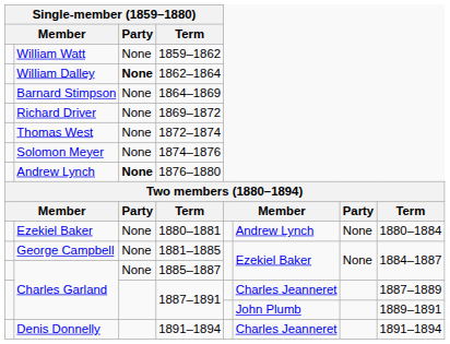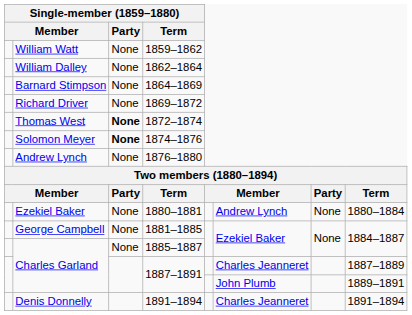 <table class="wikitable" style='border-style: none none none solid;'>
 <tr>
 <th colspan="4">Single-member (1859–1880)</th>
 </tr>
 <tr>
 <th colspan="2">Member</th>
 <th>Party</th>
 <th>Term</th>
 </tr>
 <tr style="background: #f9f9f9">
 <td> </td>
 <td><a href='#'>William Watt</a></td>
 <td>None</td>
 <td>1859–1862</td>
 </tr>
 <tr style="background: #f9f9f9">
 <td> </td>
 <td><a href='#'>William Dalley</a></td>
-<td><strong>None</strong></td>
+<td>None</td>
 <td>1862–1864</td>
 </tr>
 <tr style="background: #f9f9f9">
 <td> </td>
 <td><a href='#'>Barnard Stimpson</a></td>
 <td>None</td>
 <td>1864–1869</td>
 </tr>
 <tr style="background: #f9f9f9">
 <td> </td>
 <td><a href='#'>Richard Driver</a></td>
 <td>None</td>
 <td>1869–1872</td>
 </tr>
 <tr style="background: #f9f9f9">
 <td> </td>
 <td><a href='#'>Thomas West</a></td>
-<td>None</td>
+<td><strong>None</strong></td>
 <td>1872–1874</td>
 </tr>
 <tr style="background: #f9f9f9">
 <td> </td>
 <td><a href='#'>Solomon Meyer</a></td>
-<td>None</td>
+<td><strong>None</strong></td>
 <td>1874–1876</td>
 </tr>
 <tr style="background: #f9f9f9">
 <td> </td>
 <td><a href='#'>Andrew Lynch</a></td>
-<td><strong>None</strong></td>
+<td>None</td>
 <td>1876–1880</td>
 </tr>
 <tr>
 <th colspan="8">Two members (1880–1894)</th>
 </tr>
 <tr>
 <th colspan="2">Member</th>
 <th>Party</th>
 <th>Term</th>
 <th colspan="2">Member</th>
 <th>Party</th>
 <th>Term</th>
 </tr>
 <tr style="background: #f9f9f9">
 <td> </td>
 <td><a href='#'>Ezekiel Baker</a></td>
 <td>None</td>
 <td>1880–1881</td>
 <td rowspan="2" > </td>
 <td rowspan="2"><a href='#'>Andrew Lynch</a></td>
 <td rowspan="2">None</td>
 <td rowspan="2">1880–1884</td>
 </tr>
 <tr style="background: #f9f9f9">
 <td rowspan="2" > </td>
 <td rowspan="2"><a href='#'>George Campbell</a></td>
 <td rowspan="2">None</td>
 <td rowspan="2">1881–1885</td>
 </tr>
 <tr style="background: #f9f9f9">
 <td rowspan="2" > </td>
 <td rowspan="2"><a href='#'>Ezekiel Baker</a></td>
 <td rowspan="2">None</td>
 <td rowspan="2">1884–1887</td>
 </tr>
 <tr style="background: #f9f9f9">
 <td> </td>
 <td rowspan="3"><a href='#'>Charles Garland</a></td>
 <td>None</td>
 <td>1885–1887</td>
 </tr>
 <tr style="background: #f9f9f9">
 <td rowspan="2" > </td>
 <td rowspan="2"></td>
 <td rowspan="2">1887–1891</td>
 <td> </td>
 <td><a href='#'>Charles Jeanneret</a></td>
 <td></td>
 <td>1887–1889</td>
 </tr>
 <tr style="background: #f9f9f9">
 <td> </td>
 <td><a href='#'>John Plumb</a></td>
 <td></td>
 <td>1889–1891</td>
 </tr>
 <tr style="background: #f9f9f9">
 <td> </td>
 <td><a href='#'>Denis Donnelly</a></td>
 <td></td>
 <td>1891–1894</td>
 <td> </td>
 <td><a href='#'>Charles Jeanneret</a></td>
 <td></td>
 <td>1891–1894</td>
 </tr>
 </table>
